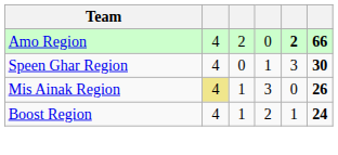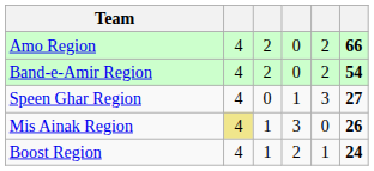 <table class="wikitable" style="text-align:center">
 <tr>
 <th style="width:200px">Team</th>
 <th width="20"></th>
 <th width="20"></th>
 <th width="20"></th>
 <th width="20"></th>
 <th width="20"></th>
 </tr>
 <tr style="background: #cfc">
 <td style="text-align:left"><a href='#'>Amo Region</a></td>
 <td>4</td>
 <td>2</td>
 <td>0</td>
-<td><strong>2</strong></td>
+<td>2</td>
 <td><strong>66</strong></td>
+</tr>
+<tr style="background: #cfc">
+<td style="text-align:left"><a href='#'>Band-e-Amir Region</a></td>
+<td>4</td>
+<td>2</td>
+<td>0</td>
+<td>2</td>
+<td><strong>54</strong></td>
 </tr>
 <tr>
 <td style="text-align:left"><a href='#'>Speen Ghar Region</a></td>
 <td>4</td>
 <td>0</td>
 <td>1</td>
 <td>3</td>
-<td><strong>30</strong></td>
+<td><strong>27</strong></td>
 </tr>
 <tr>
 <td style="text-align:left"><a href='#'>Mis Ainak Region</a></td>
 <td style="background: khaki;">4</td>
 <td>1</td>
 <td>3</td>
 <td>0</td>
 <td><strong>26</strong></td>
 </tr>
 <tr>
 <td style="text-align:left"><a href='#'>Boost Region</a></td>
 <td>4</td>
 <td>1</td>
 <td>2</td>
 <td>1</td>
 <td><strong>24</strong></td>
 </tr>
 </table>
